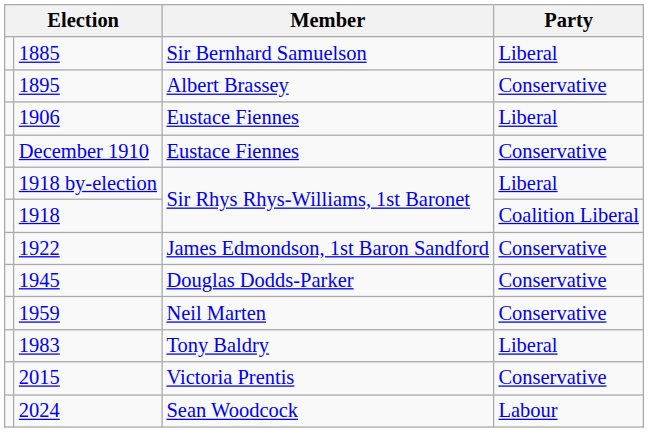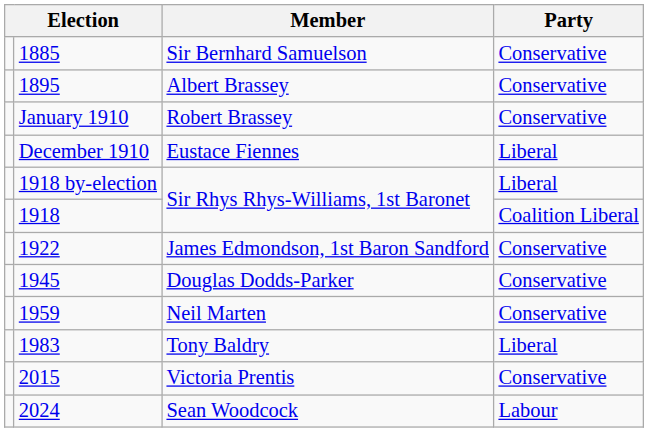 <table class="wikitable">
 <tr>
 <th colspan="2">Election</th>
 <th>Member</th>
 <th>Party</th>
 </tr>
 <tr>
 <td style="color:inherit;background-color: "></td>
 <td><a href='#'>1885</a></td>
 <td><a href='#'>Sir Bernhard Samuelson</a></td>
-<td><a href='#'>Liberal</a></td>
+<td><a href='#'>Conservative</a></td>
 </tr>
 <tr>
 <td style="color:inherit;background-color: "></td>
 <td><a href='#'>1895</a></td>
 <td><a href='#'>Albert Brassey</a></td>
 <td><a href='#'>Conservative</a></td>
 </tr>
 <tr>
 <td style="color:inherit;background-color: "></td>
-<td><a href='#'>1906</a></td>
-<td><a href='#'>Eustace Fiennes</a></td>
-<td><a href='#'>Liberal</a></td>
+<td><a href='#'>January 1910</a></td>
+<td><a href='#'>Robert Brassey</a></td>
+<td><a href='#'>Conservative</a></td>
 </tr>
 <tr>
 <td style="color:inherit;background-color: "></td>
 <td><a href='#'>December 1910</a></td>
 <td><a href='#'>Eustace Fiennes</a></td>
-<td><a href='#'>Conservative</a></td>
+<td><a href='#'>Liberal</a></td>
 </tr>
 <tr>
 <td style="color:inherit;background-color: "></td>
 <td><a href='#'>1918 by-election</a></td>
 <td rowspan="2"><a href='#'>Sir Rhys Rhys-Williams, 1st Baronet</a></td>
 <td><a href='#'>Liberal</a></td>
 </tr>
 <tr>
 <td style="color:inherit;background-color: "></td>
 <td><a href='#'>1918</a></td>
 <td><a href='#'>Coalition Liberal</a></td>
 </tr>
 <tr>
 <td style="color:inherit;background-color: "></td>
 <td><a href='#'>1922</a></td>
 <td><a href='#'>James Edmondson, 1st Baron Sandford</a></td>
 <td><a href='#'>Conservative</a></td>
 </tr>
 <tr>
 <td style="color:inherit;background-color: "></td>
 <td><a href='#'>1945</a></td>
 <td><a href='#'>Douglas Dodds-Parker</a></td>
 <td><a href='#'>Conservative</a></td>
 </tr>
 <tr>
 <td style="color:inherit;background-color: "></td>
 <td><a href='#'>1959</a></td>
 <td><a href='#'>Neil Marten</a></td>
 <td><a href='#'>Conservative</a></td>
 </tr>
 <tr>
 <td style="color:inherit;background-color: "></td>
 <td><a href='#'>1983</a></td>
 <td><a href='#'>Tony Baldry</a></td>
 <td><a href='#'>Liberal</a></td>
 </tr>
 <tr>
 <td style="color:inherit;background-color: "></td>
 <td><a href='#'>2015</a></td>
 <td><a href='#'>Victoria Prentis</a></td>
 <td><a href='#'>Conservative</a></td>
 </tr>
 <tr>
 <td style="color:inherit;background-color: "></td>
 <td><a href='#'>2024</a></td>
 <td><a href='#'>Sean Woodcock</a></td>
 <td><a href='#'>Labour</a></td>
 </tr>
 </table>
